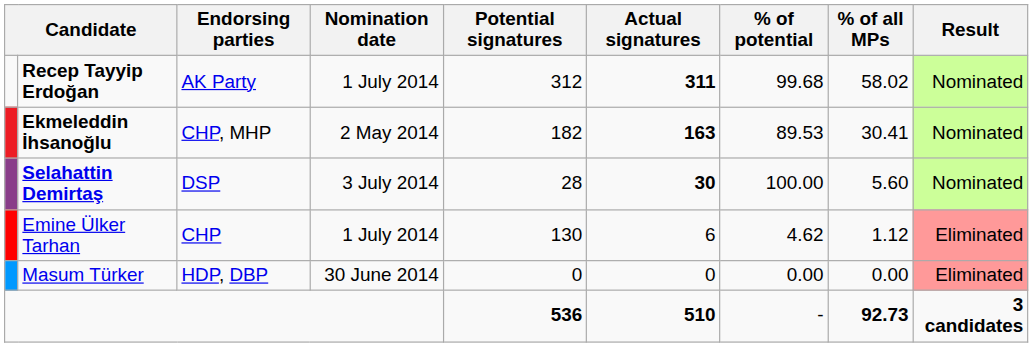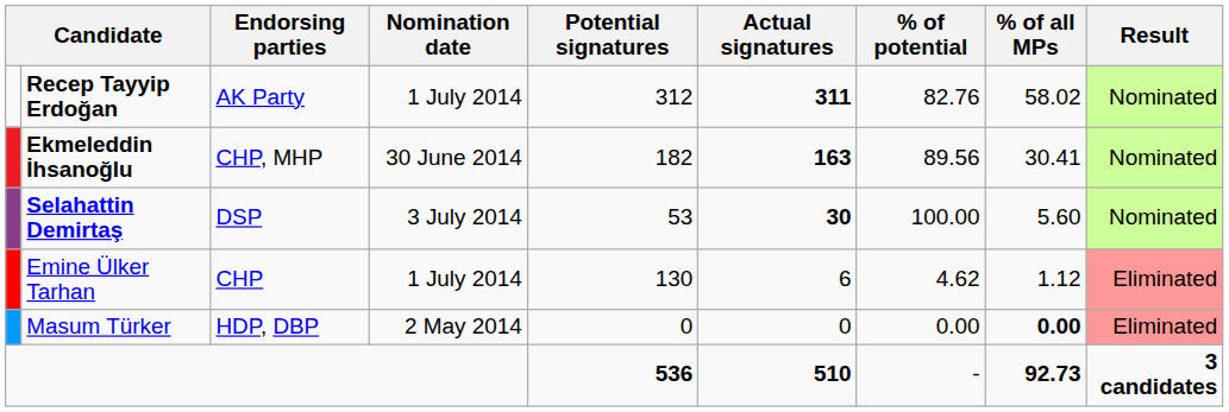 <table class=wikitable style=text-align:right>
 <tr>
 <th scope="col", colspan="2">Candidate</th>
 <th>Endorsing parties</th>
 <th>Nomination date</th>
 <th>Potential signatures</th>
 <th>Actual signatures</th>
 <th>% of potential</th>
 <th>% of all MPs</th>
 <th>Result</th>
 </tr>
 <tr>
 <td style="background:"></td>
 <td align=left><strong>Recep Tayyip Erdoğan</strong></td>
 <td align=left><a href='#'>AK Party</a></td>
 <td>1 July 2014</td>
 <td>312</td>
 <td><strong>311</strong></td>
-<td>99.68</td>
+<td>82.76</td>
 <td>58.02</td>
 <td style="background: #ccff99"> Nominated</td>
 </tr>
 <tr>
 <td style="background:#ed1c24; width:4px; text-align:center;"></td>
 <td align=left><strong>Ekmeleddin İhsanoğlu</strong></td>
 <td align=left><a href='#'>CHP</a>, MHP </td>
-<td>2 May 2014</td>
+<td>30 June 2014</td>
 <td>182</td>
 <td><strong>163</strong></td>
-<td>89.53</td>
+<td>89.56</td>
 <td>30.41</td>
 <td style="background: #ccff99"> Nominated</td>
 </tr>
 <tr>
 <td style="background:#893d89; width:4px; text-align:center;"></td>
 <td align=left><strong><a href='#'>Selahattin Demirtaş</a></strong></td>
 <td align=left><a href='#'>DSP</a></td>
 <td>3 July 2014</td>
-<td>28</td>
+<td>53</td>
 <td><strong>30</strong></td>
 <td>100.00</td>
 <td>5.60</td>
 <td style="background: #ccff99"> Nominated</td>
 </tr>
 <tr>
 <td style="background:#ff0000; width:4px; text-align:center;"></td>
 <td align=left><a href='#'>Emine Ülker Tarhan</a></td>
 <td align=left><a href='#'>CHP</a></td>
 <td>1 July 2014</td>
 <td>130</td>
 <td>6</td>
 <td>4.62</td>
 <td>1.12</td>
 <td style="background: #ff9999"> Eliminated</td>
 </tr>
 <tr>
 <td style="background:#0099ff; width:4px; text-align:center;"></td>
 <td align=left><a href='#'>Masum Türker</a></td>
 <td align=left><a href='#'>HDP</a>, <a href='#'>DBP</a> </td>
-<td>30 June 2014</td>
+<td>2 May 2014</td>
 <td>0</td>
 <td>0</td>
 <td>0.00</td>
-<td>0.00</td>
+<td><strong>0.00</strong></td>
 <td style="background: #ff9999"> Eliminated</td>
 </tr>
 <tr>
 <td scope="col", colspan="4"></td>
 <td><strong>536</strong></td>
 <td><strong>510</strong></td>
 <td>-</td>
 <td><strong>92.73</strong></td>
 <td><strong>3 candidates</strong></td>
 </tr>
 </table>
